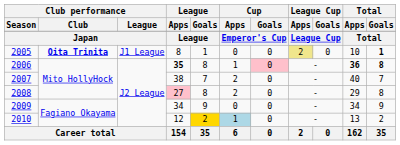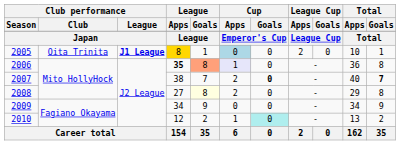 <table class="wikitable" style="text-align:center">
 <tr>
 <th colspan=3>Club performance</th>
 <th colspan=2>League</th>
 <th colspan=2>Cup</th>
 <th colspan=2>League Cup</th>
 <th colspan=2>Total</th>
 </tr>
 <tr>
 <th>Season</th>
 <th>Club</th>
 <th>League</th>
 <th>Apps</th>
 <th>Goals</th>
 <th>Apps</th>
 <th>Goals</th>
 <th>Apps</th>
 <th>Goals</th>
 <th>Apps</th>
 <th>Goals</th>
 </tr>
 <tr>
 </tr>
 <tr>
 <th colspan=3>Japan</th>
 <th colspan=2>League</th>
 <th colspan=2><a href='#'>Emperor's Cup</a></th>
 <th colspan=2><a href='#'>League Cup</a></th>
 <th colspan=2>Total</th>
 </tr>
 <tr>
 <td><a href='#'>2005</a></td>
-<td><strong><a href='#'>Oita Trinita</a></strong></td>
-<td><a href='#'>J1 League</a></td>
-<td>8</td>
+<td><a href='#'>Oita Trinita</a></td>
+<td><strong><a href='#'>J1 League</a></strong></td>
+<td style="background: gold;">8</td>
 <td>1</td>
+<td style="background: lightblue;">0</td>
 <td>0</td>
-<td>0</td>
-<td style="background: khaki;">2</td>
+<td>2</td>
 <td>0</td>
 <td>10</td>
-<td><strong>1</strong></td>
+<td>1</td>
 </tr>
 <tr>
 <td><a href='#'>2006</a></td>
 <td rowspan="3"><a href='#'>Mito HollyHock</a></td>
 <td rowspan="5"><a href='#'>J2 League</a></td>
 <td><strong>35</strong></td>
+<td style="background: lightsalmon;">8</td>
+<td style="background: lavender;">1</td>
+<td>0</td>
+<td colspan="2">-</td>
+<td>36</td>
 <td>8</td>
-<td>1</td>
-<td style="background: pink;">0</td>
-<td colspan="2">-</td>
-<td><strong>36</strong></td>
-<td><strong>8</strong></td>
 </tr>
 <tr>
 <td><a href='#'>2007</a></td>
 <td>38</td>
 <td>7</td>
 <td>2</td>
-<td>0</td>
+<td><strong>0</strong></td>
 <td colspan="2">-</td>
 <td>40</td>
-<td>7</td>
+<td><strong>7</strong></td>
 </tr>
 <tr>
 <td><a href='#'>2008</a></td>
-<td style="background: pink;">27</td>
-<td>8</td>
+<td>27</td>
+<td style="background: lightyellow;">8</td>
 <td>2</td>
 <td>0</td>
 <td colspan="2">-</td>
 <td>29</td>
 <td>8</td>
 </tr>
 <tr>
 <td><a href='#'>2009</a></td>
 <td rowspan="2"><a href='#'>Fagiano Okayama</a></td>
 <td>34</td>
 <td>9</td>
 <td>0</td>
 <td>0</td>
 <td colspan="2">-</td>
 <td>34</td>
 <td>9</td>
 </tr>
 <tr>
 <td><a href='#'>2010</a></td>
 <td>12</td>
-<td style="background: gold;">2</td>
-<td style="background: lightblue;">1</td>
-<td>0</td>
+<td>2</td>
+<td>1</td>
+<td style="background: paleturquoise;">0</td>
 <td colspan="2">-</td>
 <td>13</td>
 <td>2</td>
 </tr>
 <tr>
 <th colspan=3>Career total</th>
 <th>154</th>
 <th>35</th>
 <th>6</th>
 <th>0</th>
 <th>2</th>
 <th>0</th>
 <th>162</th>
 <th>35</th>
 </tr>
 </table>
